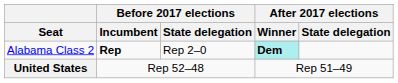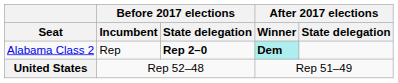 <table class="wikitable">
 <tr>
 <th> </th>
 <th colspan=2>Before 2017 elections</th>
 <th colspan=2>After 2017 elections</th>
 </tr>
 <tr>
 <th>Seat</th>
 <th>Incumbent</th>
 <th>State delegation</th>
 <th>Winner</th>
 <th>State delegation</th>
 </tr>
 <tr>
 <td><a href='#'>Alabama Class 2</a></td>
-<td><strong>Rep</strong></td>
-<td>Rep 2–0</td>
+<td>Rep</td>
+<td><strong>Rep 2–0</strong></td>
 <td style="background: paleturquoise;"><strong>Dem</strong></td>
 <td></td>
 </tr>
 <tr class="sortbottom" |>
 <th>United States</th>
 <td colspan="2" align="center" >Rep 52–48</td>
 <td colspan="2" align="center" >Rep 51–49</td>
 </tr>
 </table>
